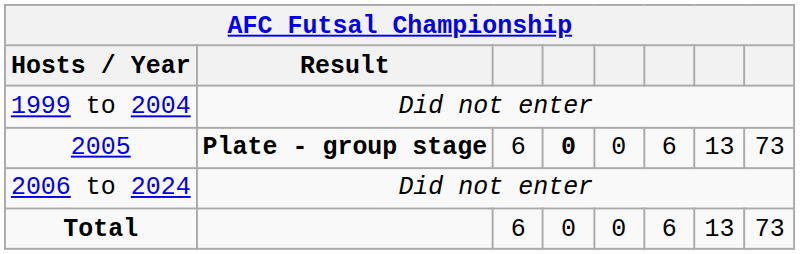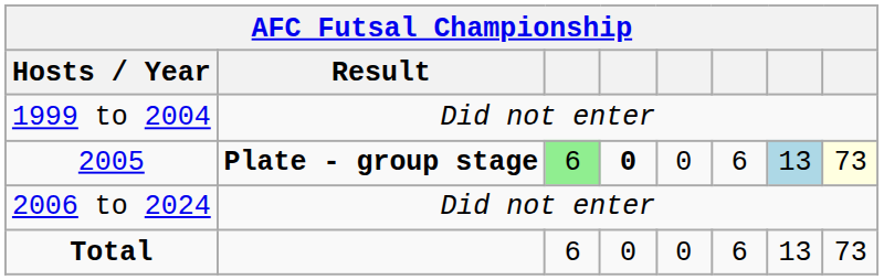 <table class="wikitable" style="text-align: center;">
 <tr>
 <th colspan=9><a href='#'>AFC Futsal Championship</a></th>
 </tr>
 <tr>
 <th>Hosts / Year</th>
 <th>Result</th>
 <th width=20></th>
 <th width=20></th>
 <th width=20></th>
 <th width=20></th>
 <th width=20></th>
 <th width=20></th>
 </tr>
 <tr>
 <td> <a href='#'>1999</a> to  <a href='#'>2004</a></td>
 <td colspan=7><em>Did not enter</em></td>
 </tr>
 <tr>
 <td> <a href='#'>2005</a></td>
 <td><strong>Plate - group stage</strong></td>
-<td>6</td>
+<td style="background: lightgreen;">6</td>
 <td><strong>0</strong></td>
 <td>0</td>
 <td>6</td>
-<td>13</td>
-<td>73</td>
+<td style="background: lightblue;">13</td>
+<td style="background: lightyellow;">73</td>
 </tr>
 <tr>
 <td> <a href='#'>2006</a> to  <a href='#'>2024</a></td>
 <td colspan=7><em>Did not enter</em></td>
 </tr>
 <tr>
 <td><strong>Total</strong></td>
 <td></td>
 <td>6</td>
 <td>0</td>
 <td>0</td>
 <td>6</td>
 <td>13</td>
 <td>73</td>
 </tr>
 </table>
